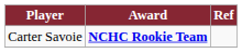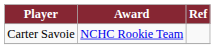 <table class="wikitable">
 <tr>
 <th style="color:white; background:#862633; ">Player</th>
 <th style="color:white; background:#862633; ">Award</th>
 <th style="color:white; background:#862633; ">Ref</th>
 </tr>
 <tr>
 <td>Carter Savoie</td>
-<td><strong><a href='#'>NCHC Rookie Team</a></strong></td>
+<td><a href='#'>NCHC Rookie Team</a></td>
 <td></td>
 </tr>
 <tr>
 </tr>
 </table>
